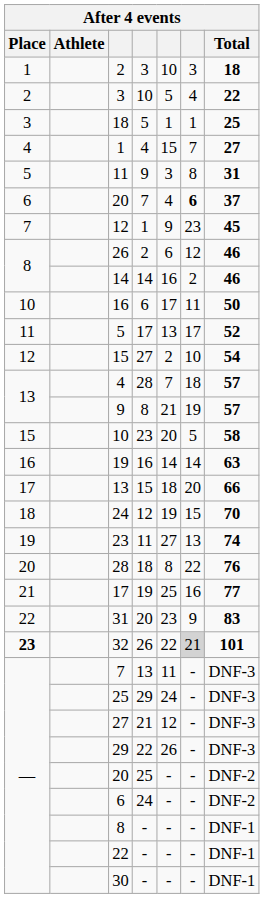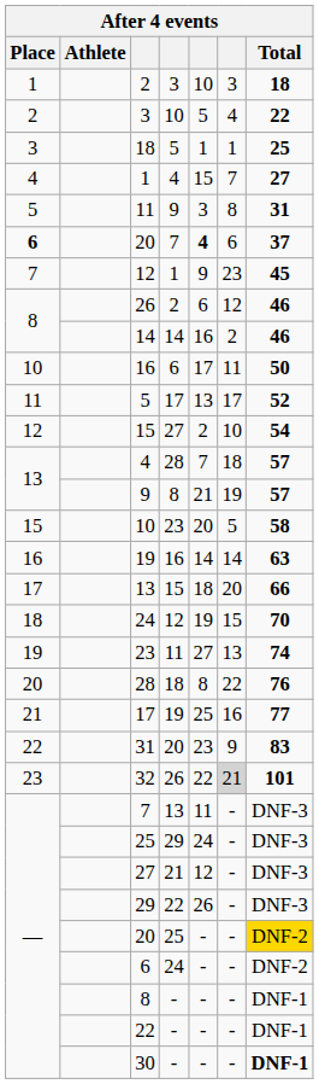 <table class=wikitable style="text-align:center">
 <tr>
 <th colspan=7><strong>After 4 events</strong></th>
 </tr>
 <tr>
 <th>Place</th>
 <th>Athlete</th>
 <th></th>
 <th></th>
 <th></th>
 <th></th>
 <th>Total</th>
 </tr>
 <tr>
 <td>1</td>
 <td align=left></td>
 <td>2</td>
 <td>3</td>
 <td>10</td>
 <td>3</td>
 <td><strong>18</strong></td>
 </tr>
 <tr>
 <td>2</td>
 <td align=left></td>
 <td>3</td>
 <td>10</td>
 <td>5</td>
 <td>4</td>
 <td><strong>22</strong></td>
 </tr>
 <tr>
 <td>3</td>
 <td align=left></td>
 <td>18</td>
 <td>5</td>
 <td>1</td>
 <td>1</td>
 <td><strong>25</strong></td>
 </tr>
 <tr>
 <td>4</td>
 <td align=left></td>
 <td>1</td>
 <td>4</td>
 <td>15</td>
 <td>7</td>
 <td><strong>27</strong></td>
 </tr>
 <tr>
 <td>5</td>
 <td align=left></td>
 <td>11</td>
 <td>9</td>
 <td>3</td>
 <td>8</td>
 <td><strong>31</strong></td>
 </tr>
 <tr>
-<td>6</td>
+<td><strong>6</strong></td>
 <td align=left></td>
 <td>20</td>
 <td>7</td>
-<td>4</td>
-<td><strong>6</strong></td>
+<td><strong>4</strong></td>
+<td>6</td>
 <td><strong>37</strong></td>
 </tr>
 <tr>
 <td>7</td>
 <td align=left></td>
 <td>12</td>
 <td>1</td>
 <td>9</td>
 <td>23</td>
 <td><strong>45</strong></td>
 </tr>
 <tr>
 <td rowspan=2>8</td>
 <td align=left></td>
 <td>26</td>
 <td>2</td>
 <td>6</td>
 <td>12</td>
 <td><strong>46</strong></td>
 </tr>
 <tr>
 <td align=left></td>
 <td>14</td>
 <td>14</td>
 <td>16</td>
 <td>2</td>
 <td><strong>46</strong></td>
 </tr>
 <tr>
 <td>10</td>
 <td align=left></td>
 <td>16</td>
 <td>6</td>
 <td>17</td>
 <td>11</td>
 <td><strong>50</strong></td>
 </tr>
 <tr>
 <td>11</td>
 <td align=left></td>
 <td>5</td>
 <td>17</td>
 <td>13</td>
 <td>17</td>
 <td><strong>52</strong></td>
 </tr>
 <tr>
 <td>12</td>
 <td align=left></td>
 <td>15</td>
 <td>27</td>
 <td>2</td>
 <td>10</td>
 <td><strong>54</strong></td>
 </tr>
 <tr>
 <td rowspan=2>13</td>
 <td align=left></td>
 <td>4</td>
 <td>28</td>
 <td>7</td>
 <td>18</td>
 <td><strong>57</strong></td>
 </tr>
 <tr>
 <td align=left></td>
 <td>9</td>
 <td>8</td>
 <td>21</td>
 <td>19</td>
 <td><strong>57</strong></td>
 </tr>
 <tr>
 <td>15</td>
 <td align=left></td>
 <td>10</td>
 <td>23</td>
 <td>20</td>
 <td>5</td>
 <td><strong>58</strong></td>
 </tr>
 <tr>
 <td>16</td>
 <td align=left></td>
 <td>19</td>
 <td>16</td>
 <td>14</td>
 <td>14</td>
 <td><strong>63</strong></td>
 </tr>
 <tr>
 <td>17</td>
 <td align=left></td>
 <td>13</td>
 <td>15</td>
 <td>18</td>
 <td>20</td>
 <td><strong>66</strong></td>
 </tr>
 <tr>
 <td>18</td>
 <td align=left></td>
 <td>24</td>
 <td>12</td>
 <td>19</td>
 <td>15</td>
 <td><strong>70</strong></td>
 </tr>
 <tr>
 <td>19</td>
 <td align=left></td>
 <td>23</td>
 <td>11</td>
 <td>27</td>
 <td>13</td>
 <td><strong>74</strong></td>
 </tr>
 <tr>
 <td>20</td>
 <td align=left></td>
 <td>28</td>
 <td>18</td>
 <td>8</td>
 <td>22</td>
 <td><strong>76</strong></td>
 </tr>
 <tr>
 <td>21</td>
 <td align=left></td>
 <td>17</td>
 <td>19</td>
 <td>25</td>
 <td>16</td>
 <td><strong>77</strong></td>
 </tr>
 <tr>
 <td>22</td>
 <td align=left></td>
 <td>31</td>
 <td>20</td>
 <td>23</td>
 <td>9</td>
 <td><strong>83</strong></td>
 </tr>
 <tr>
-<td><strong>23</strong></td>
+<td>23</td>
 <td align=left></td>
 <td>32</td>
 <td>26</td>
 <td>22</td>
 <td style="background: lightgrey;">21</td>
 <td><strong>101</strong></td>
 </tr>
 <tr>
 <td rowspan=9>—</td>
 <td align=left></td>
 <td>7</td>
 <td>13</td>
 <td>11</td>
 <td>-</td>
 <td>DNF-3</td>
 </tr>
 <tr>
 <td align=left></td>
 <td>25</td>
 <td>29</td>
 <td>24</td>
 <td>-</td>
 <td>DNF-3</td>
 </tr>
 <tr>
 <td align=left></td>
 <td>27</td>
 <td>21</td>
 <td>12</td>
 <td>-</td>
 <td>DNF-3</td>
 </tr>
 <tr>
 <td align=left></td>
 <td>29</td>
 <td>22</td>
 <td>26</td>
 <td>-</td>
 <td>DNF-3</td>
 </tr>
 <tr>
 <td align=left></td>
 <td>20</td>
 <td>25</td>
 <td>-</td>
 <td>-</td>
-<td>DNF-2</td>
+<td style="background: gold;">DNF-2</td>
 </tr>
 <tr>
 <td align=left></td>
 <td>6</td>
 <td>24</td>
 <td>-</td>
 <td>-</td>
 <td>DNF-2</td>
 </tr>
 <tr>
 <td align=left></td>
 <td>8</td>
 <td>-</td>
 <td>-</td>
 <td>-</td>
 <td>DNF-1</td>
 </tr>
 <tr>
 <td align=left></td>
 <td>22</td>
 <td>-</td>
 <td>-</td>
 <td>-</td>
 <td>DNF-1</td>
 </tr>
 <tr>
 <td align=left></td>
 <td>30</td>
 <td>-</td>
 <td>-</td>
 <td>-</td>
-<td>DNF-1</td>
+<td><strong>DNF-1</strong></td>
 </tr>
 </table>
